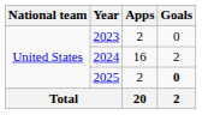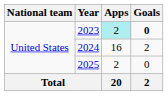 <table class="wikitable" style="text-align:center">
 <tr>
 <th>National team</th>
 <th>Year</th>
 <th>Apps</th>
 <th>Goals</th>
 </tr>
 <tr>
 <td rowspan=3><a href='#'>United States</a></td>
 <td><a href='#'>2023</a></td>
-<td>2</td>
-<td>0</td>
+<td style="background: paleturquoise;">2</td>
+<td><strong>0</strong></td>
 </tr>
 <tr>
 <td><a href='#'>2024</a></td>
 <td>16</td>
 <td>2</td>
 </tr>
 <tr>
 <td><a href='#'>2025</a></td>
 <td>2</td>
-<td><strong>0</strong></td>
+<td>0</td>
 </tr>
 <tr>
 <th colspan=2>Total</th>
 <th>20</th>
 <th>2</th>
 </tr>
 </table>
